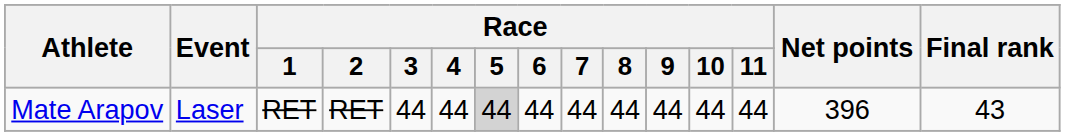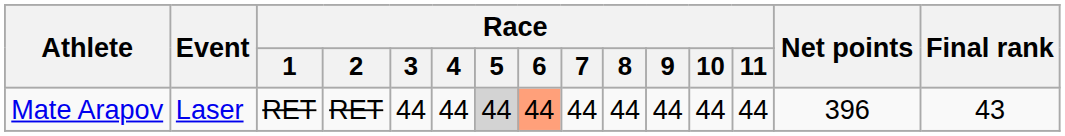 <table class="wikitable" style="font-size:90%">
 <tr>
 <th rowspan="2">Athlete</th>
 <th rowspan="2">Event</th>
 <th colspan=11>Race</th>
 <th rowspan=2>Net points</th>
 <th rowspan=2>Final rank</th>
 </tr>
 <tr style="font-size:95%">
 <th>1</th>
 <th>2</th>
 <th>3</th>
 <th>4</th>
 <th>5</th>
 <th>6</th>
 <th>7</th>
 <th>8</th>
 <th>9</th>
 <th>10</th>
 <th>11</th>
 </tr>
 <tr align=center>
 <td align=left><a href='#'>Mate Arapov</a></td>
 <td align=left><a href='#'>Laser</a></td>
 <td><s>RET</s></td>
 <td><s>RET</s></td>
 <td>44</td>
 <td>44</td>
 <td style="background: lightgrey;">44</td>
-<td>44</td>
+<td style="background: lightsalmon;">44</td>
 <td>44</td>
 <td>44</td>
 <td>44</td>
 <td>44</td>
 <td>44</td>
 <td>396</td>
 <td>43</td>
 </tr>
 </table>
